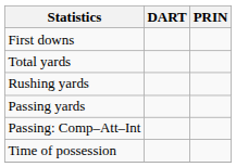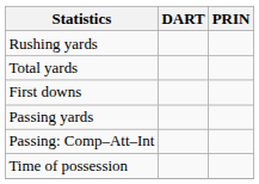 <table class="wikitable" style="float: left;">
 <tr>
 <th>Statistics</th>
 <th>DART</th>
 <th>PRIN</th>
 </tr>
 <tr>
-<td>First downs</td>
+<td>Rushing yards</td>
 <td></td>
 <td></td>
 </tr>
 <tr>
 <td>Total yards</td>
 <td></td>
 <td></td>
 </tr>
 <tr>
-<td>Rushing yards</td>
+<td>First downs</td>
 <td></td>
 <td></td>
 </tr>
 <tr>
 <td>Passing yards</td>
 <td></td>
 <td></td>
 </tr>
 <tr>
 <td>Passing: Comp–Att–Int</td>
 <td></td>
 <td></td>
 </tr>
 <tr>
 <td>Time of possession</td>
 <td></td>
 <td></td>
 </tr>
 <tr>
 </tr>
 </table>
